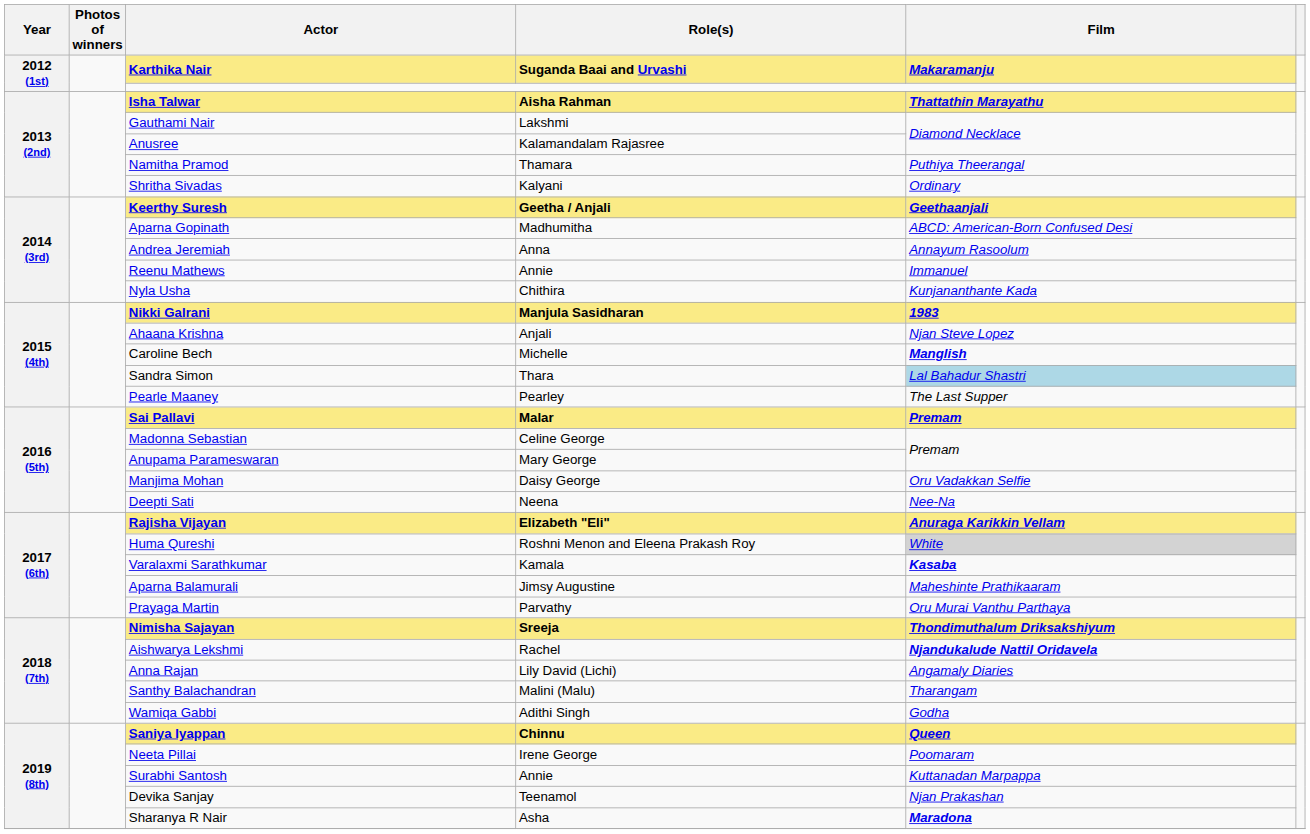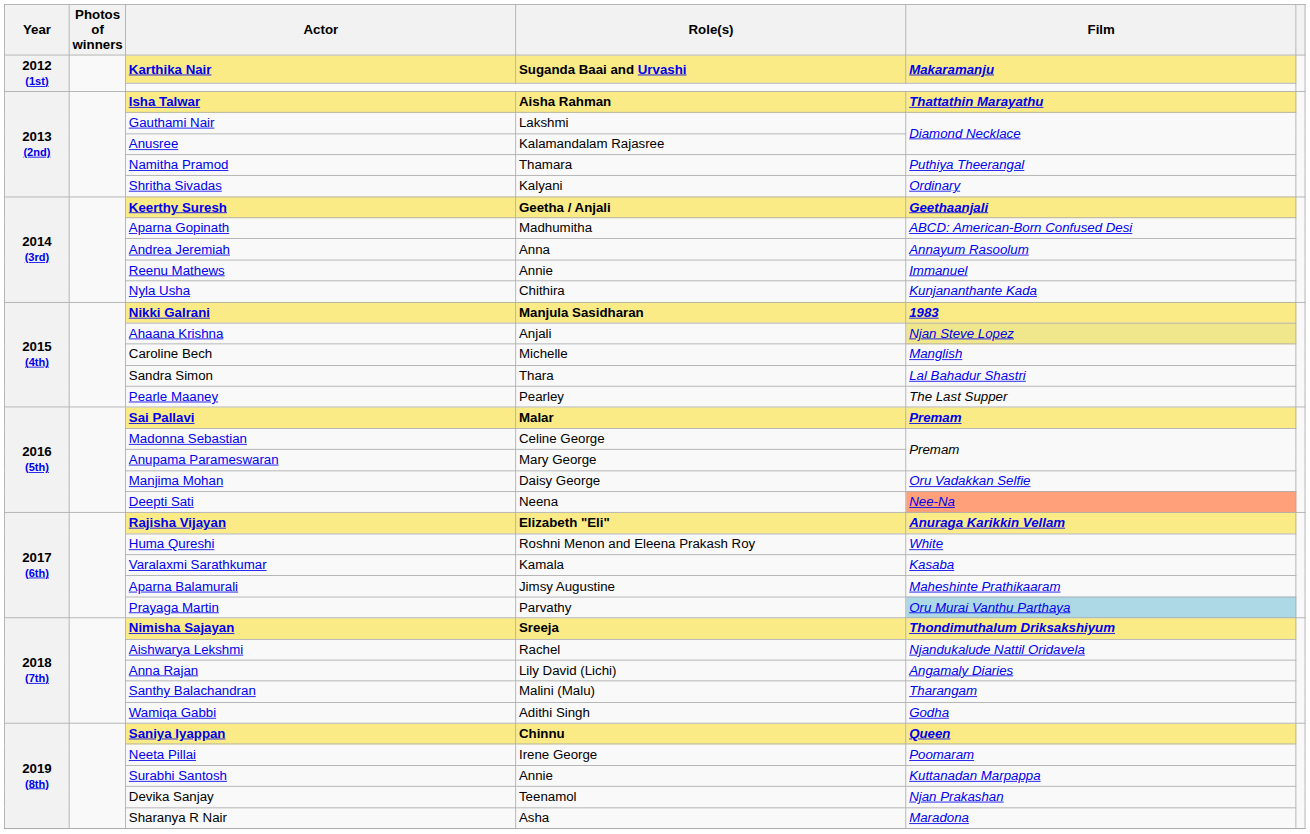 <table class="wikitable sortable" style="text-align:left;">
 <tr>
 <th scope="col" style="width:5%;text-align:center;">Year</th>
 <th scope="col" style="width:3%;text-align:center;">Photos of winners</th>
 <th scope="col" style="width:30%;text-align:center;">Actor</th>
 <th scope="col" style="width:30%;text-align:center;">Role(s)</th>
 <th scope="col" style="width:30%;text-align:center;">Film</th>
 <th class="unsortable"></th>
 </tr>
 <tr>
 <th scope="row" rowspan="2" style="text-align:center">2012 <br><small><a href='#'>(1st)</a></small></th>
 <td rowspan="2" style="text-align:center"></td>
 <td style="background:#FAEB86;"><strong><a href='#'>Karthika Nair</a></strong> </td>
 <td style="background:#FAEB86;"><strong>Suganda Baai and <a href='#'>Urvashi</a></strong></td>
 <td style="background:#FAEB86;"><strong><em><a href='#'>Makaramanju</a></em></strong></td>
 <td rowspan="2"></td>
 </tr>
 <tr>
 <td colspan =3 style="text-align:center"></td>
 </tr>
 <tr>
 <th scope="row" rowspan="5" style="text-align:center">2013 <br><small><a href='#'>(2nd)</a></small></th>
 <td rowspan="5" style="text-align:center"></td>
 <td style="background:#FAEB86;"><strong><a href='#'>Isha Talwar</a></strong> </td>
 <td style="background:#FAEB86;"><strong>Aisha Rahman</strong></td>
 <td style="background:#FAEB86;"><strong><em><a href='#'>Thattathin Marayathu</a></em></strong></td>
 <td rowspan="5"></td>
 </tr>
 <tr>
 <td><a href='#'>Gauthami Nair</a></td>
 <td>Lakshmi</td>
 <td rowspan="2"><em><a href='#'>Diamond Necklace</a></em></td>
 </tr>
 <tr>
 <td><a href='#'>Anusree</a></td>
 <td>Kalamandalam Rajasree</td>
 </tr>
 <tr>
 <td><a href='#'>Namitha Pramod</a></td>
 <td>Thamara</td>
 <td><em><a href='#'>Puthiya Theerangal</a></em></td>
 </tr>
 <tr>
 <td><a href='#'>Shritha Sivadas</a></td>
 <td>Kalyani</td>
 <td><em><a href='#'>Ordinary</a></em></td>
 </tr>
 <tr>
 <th scope="row" rowspan="5" style="text-align:center">2014 <br><small><a href='#'>(3rd)</a></small></th>
 <td rowspan="5" style="text-align:center"></td>
 <td style="background:#FAEB86;"><strong><a href='#'>Keerthy Suresh</a></strong> </td>
 <td style="background:#FAEB86;"><strong>Geetha / Anjali</strong></td>
 <td style="background:#FAEB86;"><strong><em><a href='#'>Geethaanjali</a></em></strong></td>
 <td rowspan="5"><br></td>
 </tr>
 <tr>
 <td><a href='#'>Aparna Gopinath</a></td>
 <td>Madhumitha</td>
 <td><em><a href='#'>ABCD: American-Born Confused Desi</a></em></td>
 </tr>
 <tr>
 <td><a href='#'>Andrea Jeremiah</a></td>
 <td>Anna</td>
 <td><em><a href='#'>Annayum Rasoolum</a></em></td>
 </tr>
 <tr>
 <td><a href='#'>Reenu Mathews</a></td>
 <td>Annie</td>
 <td><em><a href='#'>Immanuel</a></em></td>
 </tr>
 <tr>
 <td><a href='#'>Nyla Usha</a></td>
 <td>Chithira</td>
 <td><em><a href='#'>Kunjananthante Kada</a></em></td>
 </tr>
 <tr>
 <th scope="row" rowspan="5" style="text-align:center">2015 <br><small><a href='#'>(4th)</a></small></th>
 <td rowspan="5" style="text-align:center"></td>
 <td style="background:#FAEB86;"><strong><a href='#'>Nikki Galrani</a></strong> </td>
 <td style="background:#FAEB86;"><strong>Manjula Sasidharan</strong></td>
 <td style="background:#FAEB86;"><strong><em><a href='#'>1983</a></em></strong></td>
 <td rowspan="5"><br></td>
 </tr>
 <tr>
 <td><a href='#'>Ahaana Krishna</a></td>
 <td>Anjali</td>
-<td><em><a href='#'>Njan Steve Lopez</a></em></td>
+<td style="background: khaki;"><em><a href='#'>Njan Steve Lopez</a></em></td>
 </tr>
 <tr>
 <td>Caroline Bech</td>
 <td>Michelle</td>
-<td><strong><em><a href='#'>Manglish</a></em></strong></td>
+<td><em><a href='#'>Manglish</a></em></td>
 </tr>
 <tr>
 <td>Sandra Simon</td>
 <td>Thara</td>
-<td style="background: lightblue;"><em><a href='#'>Lal Bahadur Shastri</a></em></td>
+<td><em><a href='#'>Lal Bahadur Shastri</a></em></td>
 </tr>
 <tr>
 <td><a href='#'>Pearle Maaney</a></td>
 <td>Pearley</td>
 <td><em>The Last Supper</em></td>
 </tr>
 <tr>
 <th scope="row" rowspan="5" style="text-align:center">2016 <br><small><a href='#'>(5th)</a></small></th>
 <td rowspan="5" style="text-align:center"></td>
 <td style="background:#FAEB86;"><strong><a href='#'>Sai Pallavi</a></strong> </td>
 <td style="background:#FAEB86;"><strong>Malar</strong></td>
 <td style="background:#FAEB86;"><strong><em><a href='#'>Premam</a></em></strong></td>
 <td rowspan="5"><br></td>
 </tr>
 <tr>
 <td><a href='#'>Madonna Sebastian</a></td>
 <td>Celine George</td>
 <td rowspan="2"><em>Premam</em></td>
 </tr>
 <tr>
 <td><a href='#'>Anupama Parameswaran</a></td>
 <td>Mary George</td>
 </tr>
 <tr>
 <td><a href='#'>Manjima Mohan</a></td>
 <td>Daisy George</td>
 <td><em><a href='#'>Oru Vadakkan Selfie</a></em></td>
 </tr>
 <tr>
 <td><a href='#'>Deepti Sati</a></td>
 <td>Neena</td>
-<td><em><a href='#'>Nee-Na</a></em></td>
+<td style="background: lightsalmon;"><em><a href='#'>Nee-Na</a></em></td>
 </tr>
 <tr>
 <th scope="row" rowspan="5" style="text-align:center">2017 <br><small><a href='#'>(6th)</a></small></th>
 <td rowspan="5" style="text-align:center"></td>
 <td style="background:#FAEB86;"><strong><a href='#'>Rajisha Vijayan</a></strong> </td>
 <td style="background:#FAEB86;"><strong>Elizabeth "Eli"</strong></td>
 <td style="background:#FAEB86;"><strong><em><a href='#'>Anuraga Karikkin Vellam</a></em></strong></td>
 <td rowspan="5"><br></td>
 </tr>
 <tr>
 <td><a href='#'>Huma Qureshi</a></td>
 <td>Roshni Menon and Eleena Prakash Roy</td>
-<td style="background: lightgrey;"><em><a href='#'>White</a></em></td>
+<td><em><a href='#'>White</a></em></td>
 </tr>
 <tr>
 <td><a href='#'>Varalaxmi Sarathkumar</a></td>
 <td>Kamala</td>
-<td><strong><em><a href='#'>Kasaba</a></em></strong></td>
+<td><em><a href='#'>Kasaba</a></em></td>
 </tr>
 <tr>
 <td><a href='#'>Aparna Balamurali</a></td>
 <td>Jimsy Augustine</td>
 <td><em><a href='#'>Maheshinte Prathikaaram</a></em></td>
 </tr>
 <tr>
 <td><a href='#'>Prayaga Martin</a></td>
 <td>Parvathy</td>
-<td><em><a href='#'>Oru Murai Vanthu Parthaya</a></em></td>
+<td style="background: lightblue;"><em><a href='#'>Oru Murai Vanthu Parthaya</a></em></td>
 </tr>
 <tr>
 <th scope="row" rowspan="5" style="text-align:center">2018 <br><small><a href='#'>(7th)</a></small></th>
 <td rowspan="5" style="text-align:center"></td>
 <td style="background:#FAEB86;"><strong><a href='#'>Nimisha Sajayan</a></strong> </td>
 <td style="background:#FAEB86;"><strong>Sreeja</strong></td>
 <td style="background:#FAEB86;"><strong><em><a href='#'>Thondimuthalum Driksakshiyum</a></em></strong></td>
 <td rowspan="5"></td>
 </tr>
 <tr>
 <td><a href='#'>Aishwarya Lekshmi</a></td>
 <td>Rachel</td>
-<td><strong><em><a href='#'>Njandukalude Nattil Oridavela</a></em></strong></td>
+<td><em><a href='#'>Njandukalude Nattil Oridavela</a></em></td>
 </tr>
 <tr>
 <td><a href='#'>Anna Rajan</a></td>
 <td>Lily David (Lichi)</td>
 <td><em><a href='#'>Angamaly Diaries</a></em></td>
 </tr>
 <tr>
 <td><a href='#'>Santhy Balachandran</a></td>
 <td>Malini (Malu)</td>
 <td><em><a href='#'>Tharangam</a></em></td>
 </tr>
 <tr>
 <td><a href='#'>Wamiqa Gabbi</a></td>
 <td>Adithi Singh</td>
 <td><em><a href='#'>Godha</a></em></td>
 </tr>
 <tr>
 <th scope="row" rowspan="5" style="text-align:center">2019 <br><small><a href='#'>(8th)</a></small></th>
 <td rowspan="5" style="text-align:center"></td>
 <td style="background:#FAEB86;"><strong><a href='#'>Saniya Iyappan</a></strong> </td>
 <td style="background:#FAEB86;"><strong>Chinnu</strong></td>
 <td style="background:#FAEB86;"><strong><em><a href='#'>Queen</a></em></strong></td>
 <td rowspan="5"><br></td>
 </tr>
 <tr>
 <td><a href='#'>Neeta Pillai</a></td>
 <td>Irene George</td>
 <td><em><a href='#'>Poomaram</a></em></td>
 </tr>
 <tr>
 <td><a href='#'>Surabhi Santosh</a></td>
 <td>Annie</td>
 <td><em><a href='#'>Kuttanadan Marpappa</a></em></td>
 </tr>
 <tr>
 <td>Devika Sanjay</td>
 <td>Teenamol</td>
 <td><em><a href='#'>Njan Prakashan</a></em></td>
 </tr>
 <tr>
 <td>Sharanya R Nair</td>
 <td>Asha</td>
-<td><strong><em><a href='#'>Maradona</a></em></strong></td>
+<td><em><a href='#'>Maradona</a></em></td>
 </tr>
 <tr>
 </tr>
 </table>
